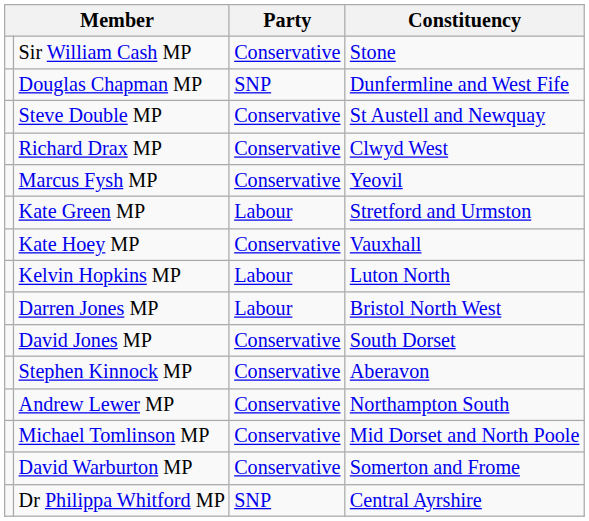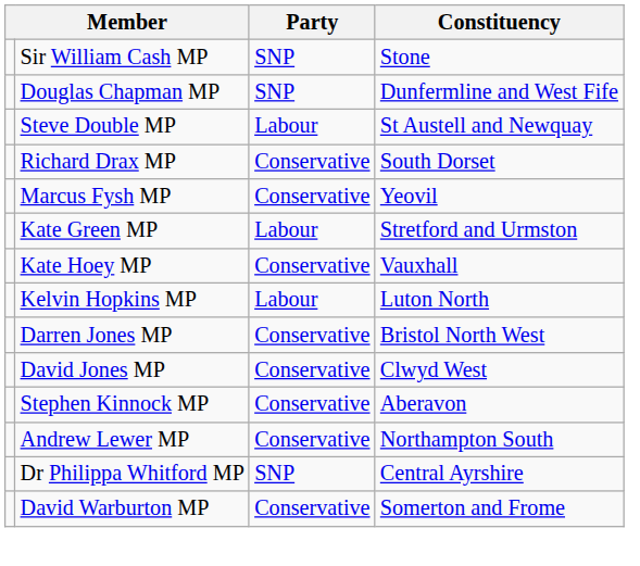 <table class="wikitable">
 <tr>
 <th colspan="2" valign="top">Member</th>
 <th valign="top">Party</th>
 <th valign="top">Constituency</th>
 </tr>
 <tr>
 <td style="color:inherit;background:"></td>
 <td>Sir <a href='#'>William Cash</a> MP</td>
-<td><a href='#'>Conservative</a></td>
+<td><a href='#'>SNP</a></td>
 <td><a href='#'>Stone</a></td>
 </tr>
 <tr>
 <td style="color:inherit;background:"></td>
 <td><a href='#'>Douglas Chapman</a> MP</td>
 <td><a href='#'>SNP</a></td>
 <td><a href='#'>Dunfermline and West Fife</a></td>
 </tr>
 <tr>
 <td style="color:inherit;background:"></td>
 <td><a href='#'>Steve Double</a> MP</td>
-<td><a href='#'>Conservative</a></td>
+<td><a href='#'>Labour</a></td>
 <td><a href='#'>St Austell and Newquay</a></td>
 </tr>
 <tr>
 <td style="color:inherit;background:"></td>
 <td><a href='#'>Richard Drax</a> MP</td>
 <td><a href='#'>Conservative</a></td>
-<td><a href='#'>Clwyd West</a></td>
+<td><a href='#'>South Dorset</a></td>
 </tr>
 <tr>
 <td style="color:inherit;background:"></td>
 <td><a href='#'>Marcus Fysh</a> MP</td>
 <td><a href='#'>Conservative</a></td>
 <td><a href='#'>Yeovil</a></td>
 </tr>
 <tr>
 <td style="color:inherit;background:"></td>
 <td><a href='#'>Kate Green</a> MP</td>
 <td><a href='#'>Labour</a></td>
 <td><a href='#'>Stretford and Urmston</a></td>
 </tr>
 <tr>
 <td style="color:inherit;background:"></td>
 <td><a href='#'>Kate Hoey</a> MP</td>
 <td><a href='#'>Conservative</a></td>
 <td><a href='#'>Vauxhall</a></td>
 </tr>
 <tr>
 <td style="color:inherit;background:"></td>
 <td><a href='#'>Kelvin Hopkins</a> MP</td>
 <td><a href='#'>Labour</a></td>
 <td><a href='#'>Luton North</a></td>
 </tr>
 <tr>
 <td style="color:inherit;background:"></td>
 <td><a href='#'>Darren Jones</a> MP</td>
-<td><a href='#'>Labour</a></td>
+<td><a href='#'>Conservative</a></td>
 <td><a href='#'>Bristol North West</a></td>
 </tr>
 <tr>
 <td style="color:inherit;background:"></td>
 <td><a href='#'>David Jones</a> MP</td>
 <td><a href='#'>Conservative</a></td>
-<td><a href='#'>South Dorset</a></td>
+<td><a href='#'>Clwyd West</a></td>
 </tr>
 <tr>
 <td style="color:inherit;background:"></td>
 <td><a href='#'>Stephen Kinnock</a> MP</td>
 <td><a href='#'>Conservative</a></td>
 <td><a href='#'>Aberavon</a></td>
 </tr>
 <tr>
 <td style="color:inherit;background:"></td>
 <td><a href='#'>Andrew Lewer</a> MP</td>
 <td><a href='#'>Conservative</a></td>
 <td><a href='#'>Northampton South</a></td>
 </tr>
 <tr>
 <td style="color:inherit;background:"></td>
-<td><a href='#'>Michael Tomlinson</a> MP</td>
-<td><a href='#'>Conservative</a></td>
-<td><a href='#'>Mid Dorset and North Poole</a></td>
+<td>Dr <a href='#'>Philippa Whitford</a> MP</td>
+<td><a href='#'>SNP</a></td>
+<td><a href='#'>Central Ayrshire</a></td>
 </tr>
 <tr>
 <td style="color:inherit;background:"></td>
 <td><a href='#'>David Warburton</a> MP</td>
 <td><a href='#'>Conservative</a></td>
 <td><a href='#'>Somerton and Frome</a></td>
 </tr>
-<tr>
-<td style="color:inherit;background:"></td>
-<td>Dr <a href='#'>Philippa Whitford</a> MP</td>
-<td><a href='#'>SNP</a></td>
-<td><a href='#'>Central Ayrshire</a></td>
-</tr>
 </table>
